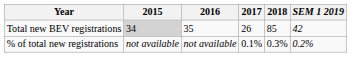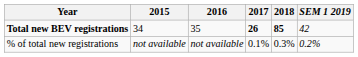 <table class="wikitable">
 <tr>
 <th>Year</th>
 <th>2015</th>
 <th>2016</th>
 <th>2017</th>
 <th>2018</th>
 <th><em>SEM 1 2019</em></th>
 </tr>
 <tr>
-<td>Total new BEV registrations</td>
-<td style="background: lightgrey;">34</td>
+<td><strong>Total new BEV registrations</strong></td>
+<td>34</td>
 <td>35</td>
-<td>26</td>
-<td>85</td>
+<td><strong>26</strong></td>
+<td><strong>85</strong></td>
 <td><em>42</em></td>
 </tr>
 <tr>
 <td>% of total new registrations</td>
 <td><em>not available</em></td>
 <td><em>not available</em></td>
 <td>0.1%</td>
 <td>0.3%</td>
 <td><em>0.2%</em></td>
 </tr>
 </table>
